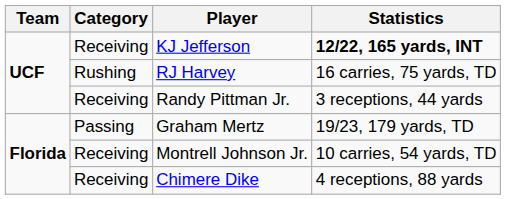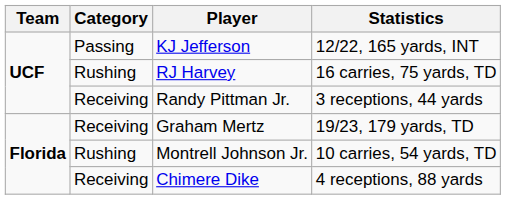 <table class="wikitable" style="float: right;">
 <tr>
 <th>Team</th>
 <th>Category</th>
 <th>Player</th>
 <th>Statistics</th>
 </tr>
 <tr>
 <td rowspan=3><strong>UCF</strong></td>
-<td>Receiving</td>
+<td>Passing</td>
 <td><a href='#'>KJ Jefferson</a></td>
-<td><strong>12/22, 165 yards, INT</strong></td>
+<td>12/22, 165 yards, INT</td>
 </tr>
 <tr>
 <td>Rushing</td>
 <td><a href='#'>RJ Harvey</a></td>
 <td>16 carries, 75 yards, TD</td>
 </tr>
 <tr>
 <td>Receiving</td>
 <td>Randy Pittman Jr.</td>
 <td>3 receptions, 44 yards</td>
 </tr>
 <tr>
 <td rowspan=3><strong>Florida</strong></td>
-<td>Passing</td>
+<td>Receiving</td>
 <td>Graham Mertz</td>
 <td>19/23, 179 yards, TD</td>
 </tr>
 <tr>
-<td>Receiving</td>
+<td>Rushing</td>
 <td>Montrell Johnson Jr.</td>
 <td>10 carries, 54 yards, TD</td>
 </tr>
 <tr>
 <td>Receiving</td>
 <td><a href='#'>Chimere Dike</a></td>
 <td>4 receptions, 88 yards</td>
 </tr>
 </table>
